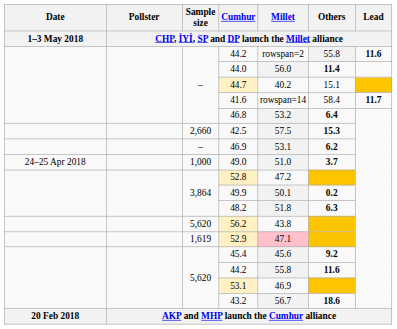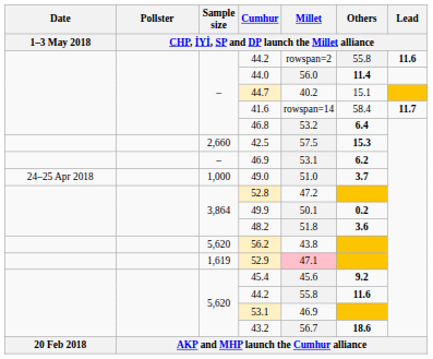 <table class="wikitable" style="text-align:center; font-size:90%; line-height:17px;">
 <tr>
 <th width="150px">Date</th>
 <th width="110px">Pollster</th>
 <th width="50px">Sample size</th>
 <th width="50"><a href='#'>Cumhur</a></th>
 <th width="50"><a href='#'>Millet</a></th>
 <th width="65">Others</th>
 <th width="50">Lead</th>
 </tr>
 <tr>
 <th>1–3 May 2018</th>
 <th colspan="6"><a href='#'>CHP</a>, <a href='#'>İYİ</a>, <a href='#'>SP</a> and <a href='#'>DP</a> launch the <a href='#'>Millet</a> alliance</th>
 </tr>
 <tr>
 <td rowspan="5"></td>
 <td rowspan="5"></td>
 <td rowspan="5">–</td>
 <td>44.2</td>
 <td>rowspan=2 </td>
 <td style="background: #F2F2F2">55.8</td>
 <td style="background:"><strong>11.6</strong></td>
 </tr>
 <tr>
 <td>44.0</td>
 <td style="background: #F2F2F2">56.0</td>
 <td style="background:"><strong>11.4</strong></td>
 </tr>
 <tr>
 <td style="background: #FFF1C4">44.7</td>
 <td>40.2</td>
 <td>15.1</td>
 <td style="background: #Fdc400"></td>
 </tr>
 <tr>
 <td>41.6</td>
 <td>rowspan=14 </td>
 <td>58.4</td>
 <td style="background:"><strong>11.7</strong></td>
 </tr>
 <tr>
 <td>46.8</td>
 <td style="background: #F2F2F2">53.2</td>
 <td style="background:"><strong>6.4</strong></td>
 </tr>
 <tr>
 <td rowspan="1"></td>
 <td rowspan="1"></td>
 <td rowspan="1">2,660</td>
 <td>42.5</td>
 <td style="background: #F2F2F2">57.5</td>
 <td style="background:"><strong>15.3</strong></td>
 </tr>
 <tr>
 <td rowspan="1"></td>
 <td rowspan="1"></td>
 <td rowspan="1">–</td>
 <td>46.9</td>
 <td style="background: #F2F2F2">53.1</td>
 <td style="background:"><strong>6.2</strong></td>
 </tr>
 <tr>
 <td>24–25 Apr 2018</td>
 <td></td>
 <td>1,000</td>
 <td>49.0</td>
 <td style="background: #F2F2F2">51.0</td>
 <td style="background:"><strong>3.7</strong></td>
 </tr>
 <tr>
 <td rowspan="3"></td>
 <td rowspan="3"></td>
 <td rowspan="3">3,864</td>
 <td style="background: #FFF1C4">52.8</td>
 <td>47.2</td>
 <td style="background: #Fdc400"></td>
 </tr>
 <tr>
 <td>49.9</td>
 <td style="background: #F2F2F2">50.1</td>
 <td style="background:"><strong>0.2</strong></td>
 </tr>
 <tr>
 <td>48.2</td>
 <td style="background: #F2F2F2">51.8</td>
-<td style="background:"><strong>6.3</strong></td>
+<td style="background:"><strong>3.6</strong></td>
 </tr>
 <tr>
 <td></td>
 <td></td>
 <td>5,620</td>
 <td style="background: #FFF1C4">56.2</td>
 <td>43.8</td>
 <td style="background: #Fdc400"></td>
 </tr>
 <tr>
 <td></td>
 <td></td>
 <td>1,619</td>
 <td style="background: #FFF1C4">52.9</td>
 <td style="background: pink;">47.1</td>
 <td style="background: #Fdc400"></td>
 </tr>
 <tr>
 <td rowspan="4"></td>
 <td rowspan="4"></td>
 <td rowspan="4">5,620</td>
 <td>45.4</td>
 <td style="background: #F2F2F2">45.6</td>
 <td style="background:"><strong>9.2</strong></td>
 </tr>
 <tr>
 <td>44.2</td>
 <td style="background: #F2F2F2">55.8</td>
 <td style="background:"><strong>11.6</strong></td>
 </tr>
 <tr>
 <td style="background: #FFF1C4">53.1</td>
 <td>46.9</td>
 <td style="background: #Fdc400"></td>
 </tr>
 <tr>
 <td>43.2</td>
 <td style="background: #F2F2F2">56.7</td>
 <td style="background:"><strong>18.6</strong></td>
 </tr>
 <tr>
 <th>20 Feb 2018</th>
 <th colspan="6"><a href='#'>AKP</a> and <a href='#'>MHP</a> launch the <a href='#'>Cumhur</a> alliance</th>
 </tr>
 </table>
